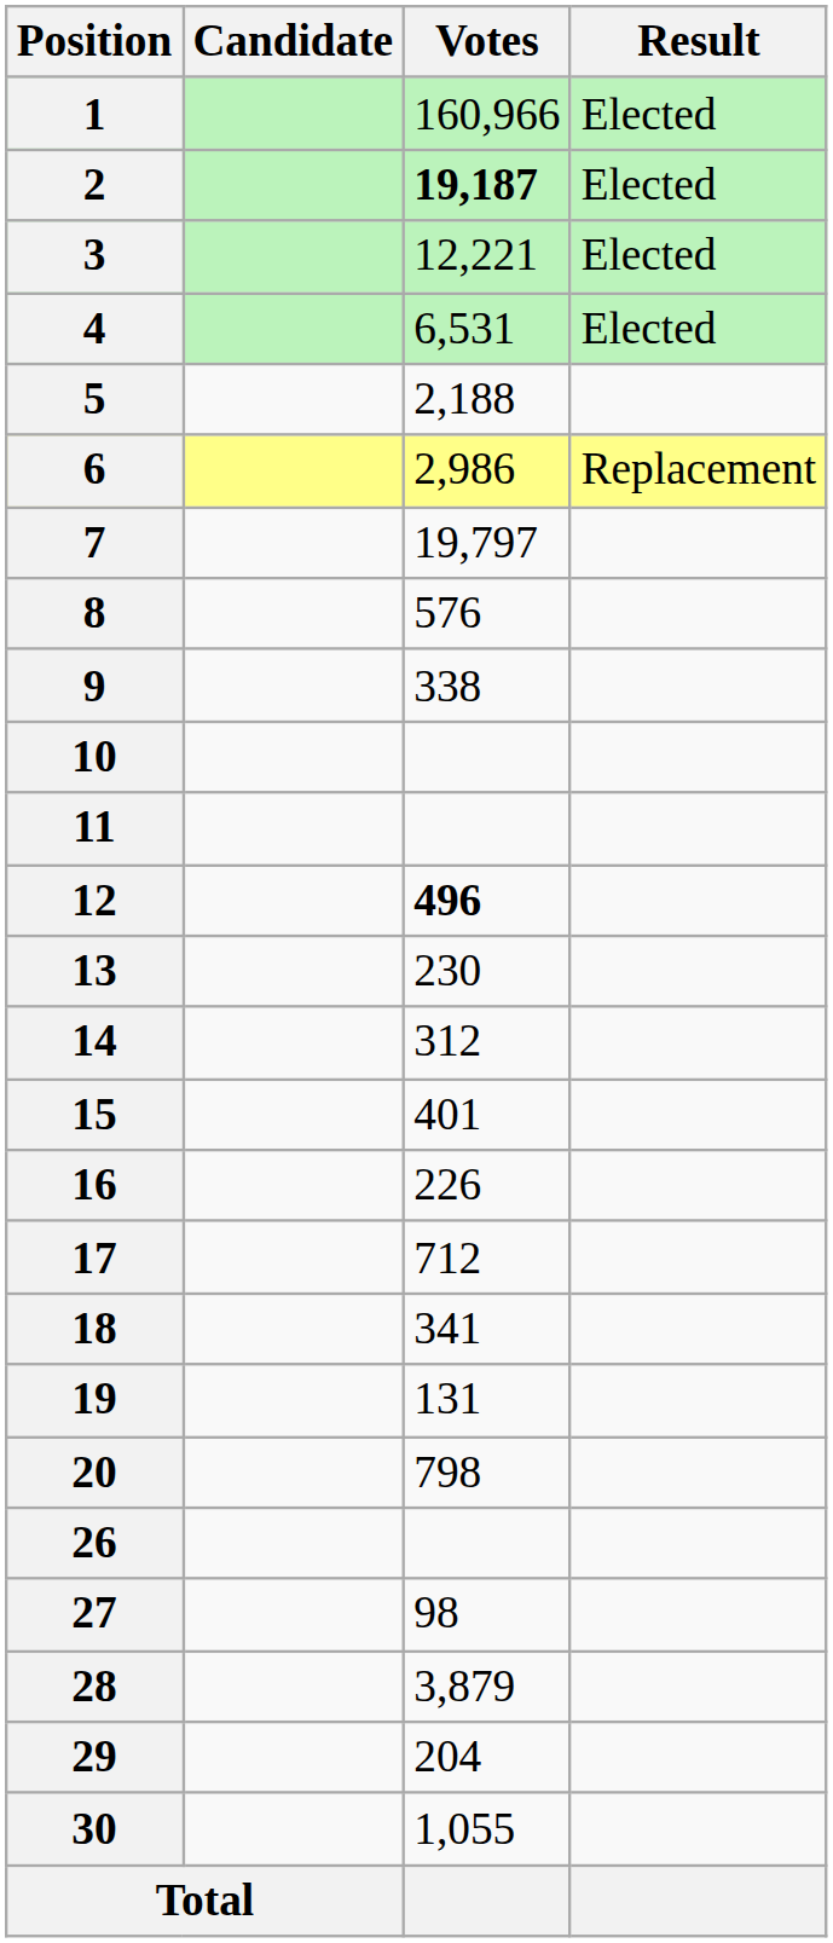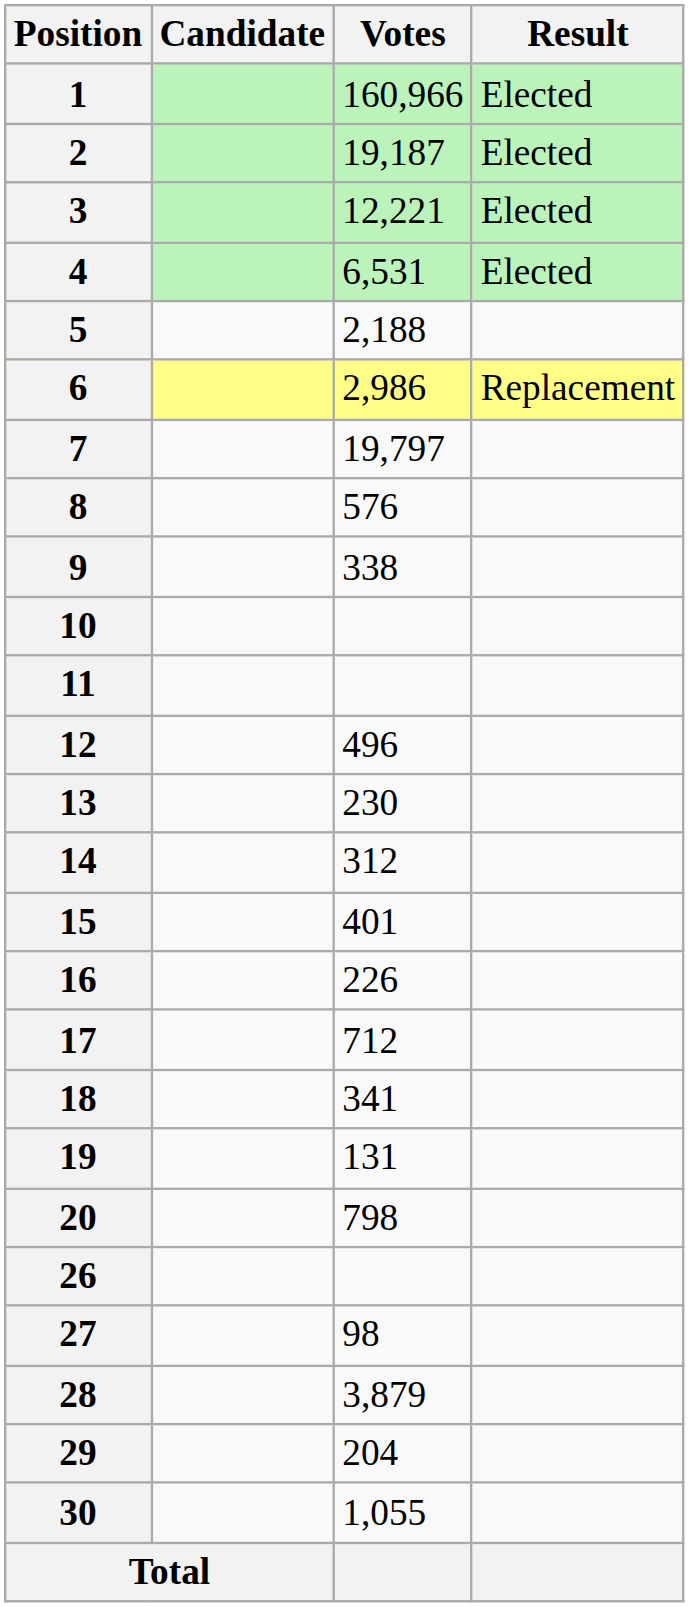 <table class="wikitable sortable col3right">
 <tr>
 <th scope="col">Position</th>
 <th scope="col">Candidate</th>
 <th scope="col">Votes</th>
 <th scope="col">Result</th>
 </tr>
 <tr bgcolor=bbf3bb>
 <th scope="row">1</th>
 <td></td>
 <td>160,966</td>
 <td>Elected</td>
 </tr>
 <tr bgcolor=bbf3bb>
 <th scope="row">2</th>
 <td></td>
-<td><strong>19,187</strong></td>
+<td>19,187</td>
 <td>Elected</td>
 </tr>
 <tr bgcolor=bbf3bb>
 <th scope="row">3</th>
 <td></td>
 <td>12,221</td>
 <td>Elected</td>
 </tr>
 <tr bgcolor=bbf3bb>
 <th scope="row">4</th>
 <td></td>
 <td>6,531</td>
 <td>Elected</td>
 </tr>
 <tr>
 <th scope="row">5</th>
 <td></td>
 <td>2,188</td>
 <td></td>
 </tr>
 <tr bgcolor=#FF8>
 <th scope="row">6</th>
 <td></td>
 <td>2,986</td>
 <td>Replacement</td>
 </tr>
 <tr>
 <th scope="row">7</th>
 <td></td>
 <td>19,797</td>
 <td></td>
 </tr>
 <tr>
 <th scope="row">8</th>
 <td></td>
 <td>576</td>
 <td></td>
 </tr>
 <tr>
 <th scope="row">9</th>
 <td></td>
 <td>338</td>
 <td></td>
 </tr>
 <tr>
 <th scope="row">10</th>
 <td></td>
 <td></td>
 <td></td>
 </tr>
 <tr>
 <th scope="row">11</th>
 <td></td>
 <td></td>
 <td></td>
 </tr>
 <tr>
 <th scope="row">12</th>
 <td></td>
-<td><strong>496</strong></td>
+<td>496</td>
 <td></td>
 </tr>
 <tr>
 <th scope="row">13</th>
 <td></td>
 <td>230</td>
 <td></td>
 </tr>
 <tr>
 <th scope="row">14</th>
 <td></td>
 <td>312</td>
 <td></td>
 </tr>
 <tr>
 <th scope="row">15</th>
 <td></td>
 <td>401</td>
 <td></td>
 </tr>
 <tr>
 <th scope="row">16</th>
 <td></td>
 <td>226</td>
 <td></td>
 </tr>
 <tr>
 <th scope="row">17</th>
 <td></td>
 <td>712</td>
 <td></td>
 </tr>
 <tr>
 <th scope="row">18</th>
 <td></td>
 <td>341</td>
 <td></td>
 </tr>
 <tr>
 <th scope="row">19</th>
 <td></td>
 <td>131</td>
 <td></td>
 </tr>
 <tr>
 <th scope="row">20</th>
 <td></td>
 <td>798</td>
 <td></td>
 </tr>
 <tr>
 <th scope="row">26</th>
 <td></td>
 <td></td>
 <td></td>
 </tr>
 <tr>
 <th scope="row">27</th>
 <td></td>
 <td>98</td>
 <td></td>
 </tr>
 <tr>
 <th scope="row">28</th>
 <td></td>
 <td>3,879</td>
 <td></td>
 </tr>
 <tr>
 <th scope="row">29</th>
 <td></td>
 <td>204</td>
 <td></td>
 </tr>
 <tr>
 <th scope="row">30</th>
 <td></td>
 <td>1,055</td>
 <td></td>
 </tr>
 <tr class="sortbottom">
 <th scope="row" colspan="2">Total</th>
 <th></th>
 <th></th>
 </tr>
 </table>
